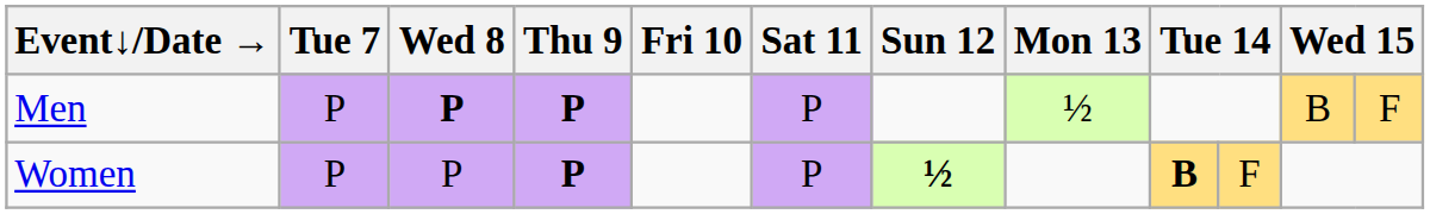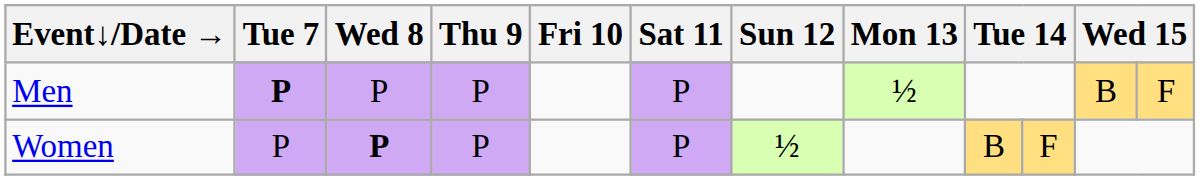 <table class="wikitable" style="margin:0.5em auto; font-size:90%; line-height:1.25em;">
 <tr style="text-align:center;">
 <th>Event↓/Date →</th>
 <th>Tue 7</th>
 <th>Wed 8</th>
 <th>Thu 9</th>
 <th>Fri 10</th>
 <th>Sat 11</th>
 <th>Sun 12</th>
 <th>Mon 13</th>
 <th colspan=2>Tue 14</th>
 <th colspan=2>Wed 15</th>
 </tr>
 <tr style="text-align:center;">
 <td style="text-align:left;"><a href='#'>Men</a></td>
+<td style="background-color:#D0A9F5;"><strong>P</strong></td>
 <td style="background-color:#D0A9F5;">P</td>
-<td style="background-color:#D0A9F5;"><strong>P</strong></td>
-<td style="background-color:#D0A9F5;"><strong>P</strong></td>
+<td style="background-color:#D0A9F5;">P</td>
 <td></td>
 <td style="background-color:#D0A9F5;">P</td>
 <td></td>
 <td style="background-color:#D9FFB2;">½</td>
 <td colspan=2></td>
 <td style="background-color:#FFDF80;">B</td>
 <td style="background-color:#FFDF80;">F</td>
 </tr>
 <tr style="text-align:center;">
 <td style="text-align:left;"><a href='#'>Women</a></td>
 <td style="background-color:#D0A9F5;">P</td>
+<td style="background-color:#D0A9F5;"><strong>P</strong></td>
 <td style="background-color:#D0A9F5;">P</td>
-<td style="background-color:#D0A9F5;"><strong>P</strong></td>
 <td></td>
 <td style="background-color:#D0A9F5;">P</td>
-<td style="background-color:#D9FFB2;"><strong>½</strong></td>
+<td style="background-color:#D9FFB2;">½</td>
 <td></td>
-<td style="background-color:#FFDF80;"><strong>B</strong></td>
+<td style="background-color:#FFDF80;">B</td>
 <td style="background-color:#FFDF80;">F</td>
 <td colspan=2></td>
 </tr>
 </table>
